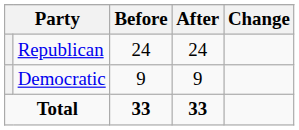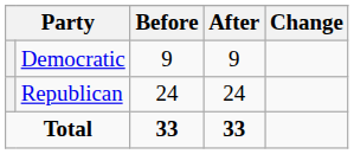 <table class="wikitable" style="text-align:center;">
 <tr>
 </tr>
 <tr>
 <th colspan=2>Party</th>
 <th>Before</th>
 <th>After</th>
 <th>Change</th>
 </tr>
 <tr>
 <th style="background-color:"></th>
-<td style="text-align:left;"><a href='#'>Republican</a></td>
-<td>24</td>
-<td>24</td>
+<td style="text-align:left;"><a href='#'>Democratic</a></td>
+<td>9</td>
+<td>9</td>
 <td></td>
 </tr>
 <tr>
 <th style="background-color:"></th>
-<td style="text-align:left;"><a href='#'>Democratic</a></td>
-<td>9</td>
-<td>9</td>
+<td style="text-align:left;"><a href='#'>Republican</a></td>
+<td>24</td>
+<td>24</td>
 <td></td>
 </tr>
 <tr>
 <td colspan=2><strong>Total</strong></td>
 <td><strong>33</strong></td>
 <td><strong>33</strong></td>
 <td></td>
 </tr>
 </table>
